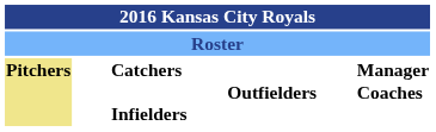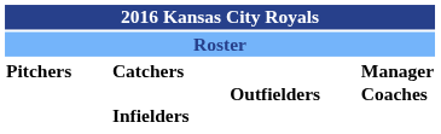 <table class="toccolours" style="font-size: 95%;">
 <tr>
 <th colspan="10" style="background-color: #27408B; color: #FFFFFF; text-align: center;">2016 Kansas City Royals</th>
 </tr>
 <tr>
 <td colspan="10" style="background-color: #74B4FA; color: #27408B; text-align: center;"><strong>Roster</strong></td>
 </tr>
 <tr>
-<td valign="top" style="background: khaki;"><strong>Pitchers</strong><br>                   </td>
+<td valign="top"><strong>Pitchers</strong><br>                   </td>
 <td width="25px"></td>
 <td valign="top"><strong>Catchers</strong><br>  <br><strong>Infielders</strong>          </td>
 <td width="25px"></td>
 <td valign="top"><br><strong>Outfielders</strong>         </td>
 <td width="25px"></td>
 <td valign="top"><strong>Manager</strong><br> <strong>Coaches</strong>                </td>
 </tr>
 </table>
